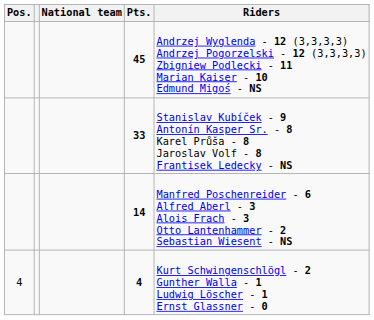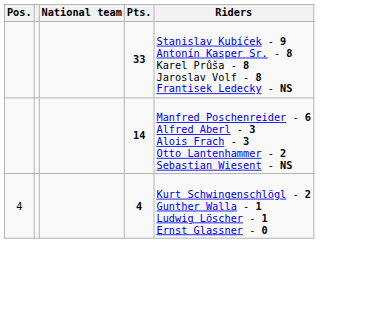 <table class=wikitable style="font-size:93%;">
 <tr>
 <th>Pos.</th>
 <th></th>
 <th>National team</th>
 <th>Pts.</th>
 <th>Riders</th>
-</tr>
-<tr align=center >
-<td></td>
-<td></td>
-<td align=left></td>
-<td><strong>45</strong></td>
-<td align=left><br><a href='#'>Andrzej Wyglenda</a> - <strong>12</strong> (3,3,3,3)<br> <a href='#'>Andrzej Pogorzelski</a> - <strong>12</strong> (3,3,3,3)<br> <a href='#'>Zbigniew Podlecki</a> - <strong>11</strong> <br> <a href='#'>Marian Kaiser</a> - <strong>10</strong> <br> <a href='#'>Edmund Migoś</a> - <strong>NS</strong></td>
 </tr>
 <tr align=center >
 <td></td>
 <td></td>
 <td align=left></td>
 <td><strong>33</strong></td>
 <td align=left><br><a href='#'>Stanislav Kubíček</a> - <strong>9</strong> <br> <a href='#'>Antonín Kasper Sr.</a> - <strong>8</strong> <br> Karel Průša - <strong>8</strong> <br> Jaroslav Volf - <strong>8</strong> <br> <a href='#'>Frantisek Ledecky</a> - <strong>NS</strong></td>
 </tr>
 <tr align=center >
 <td></td>
 <td></td>
 <td align=left></td>
 <td><strong>14</strong></td>
 <td align=left><br><a href='#'>Manfred Poschenreider</a> - <strong>6</strong> <br> <a href='#'>Alfred Aberl</a> - <strong>3</strong> <br> <a href='#'>Alois Frach</a> - <strong>3</strong> <br> <a href='#'>Otto Lantenhammer</a> - <strong>2</strong> <br> <a href='#'>Sebastian Wiesent</a> - <strong>NS</strong></td>
 </tr>
 <tr align=center>
 <td>4</td>
 <td></td>
 <td align=left></td>
 <td><strong>4</strong></td>
 <td align=left><br><a href='#'>Kurt Schwingenschlögl</a> - <strong>2</strong> <br> <a href='#'>Gunther Walla</a> - <strong>1</strong> <br> <a href='#'>Ludwig Löscher</a> - <strong>1</strong> <br> <a href='#'>Ernst Glassner</a> - <strong>0</strong> <br></td>
 </tr>
 </table>
